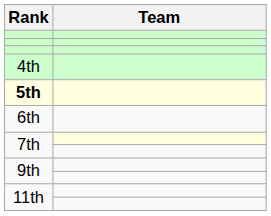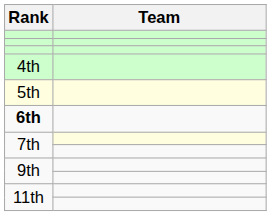 <table class=wikitable style="text-align:center;">
 <tr>
 <th>Rank</th>
 <th width=200>Team</th>
 </tr>
 <tr bgcolor="#ccffcc">
 <td></td>
 <td align=left></td>
 </tr>
 <tr bgcolor="#ccffcc">
 <td></td>
 <td align=left></td>
 </tr>
 <tr bgcolor="#ccffcc">
 <td></td>
 <td align=left></td>
 </tr>
 <tr bgcolor="#ccffcc">
 <td>4th</td>
 <td align=left></td>
 </tr>
 <tr bgcolor="#ffffe0">
-<td><strong>5th</strong></td>
+<td>5th</td>
 <td align=left></td>
 </tr>
 <tr>
-<td>6th</td>
+<td><strong>6th</strong></td>
 <td align=left></td>
 </tr>
 <tr>
 <td rowspan=2>7th</td>
 <td align=left bgcolor="#ffffe0"></td>
 </tr>
 <tr>
 <td align=left></td>
 </tr>
 <tr>
 <td rowspan=2>9th</td>
 <td align=left></td>
 </tr>
 <tr>
 <td align=left></td>
 </tr>
 <tr>
 <td rowspan=2>11th</td>
 <td align=left></td>
 </tr>
 <tr>
 <td align=left></td>
 </tr>
 </table>
